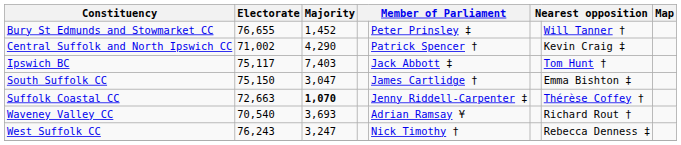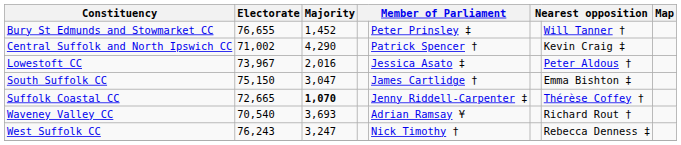 <table class="wikitable sortable">
 <tr>
 <th rowspan="1">Constituency</th>
 <th rowspan="1">Electorate</th>
 <th rowspan="1">Majority</th>
 <th class="unsortable" colspan="2"><a href='#'>Member of Parliament</a></th>
 <th class="unsortable" colspan="2">Nearest opposition<br></th>
 <th class="unsortable" rowspan="1">Map</th>
 </tr>
 <tr>
 <td><a href='#'>Bury St Edmunds and Stowmarket CC</a></td>
 <td>76,655</td>
 <td>1,452</td>
 <td style="color:inherit;background:"> </td>
 <td><a href='#'>Peter Prinsley</a> ‡</td>
 <td style="color:inherit;background:"> </td>
 <td><a href='#'>Will Tanner</a> †</td>
 <td></td>
 </tr>
 <tr>
 <td><a href='#'>Central Suffolk and North Ipswich CC</a></td>
 <td>71,002</td>
 <td>4,290</td>
 <td style="color:inherit;background:"> </td>
 <td><a href='#'>Patrick Spencer</a> †</td>
 <td style="color:inherit;background:"> </td>
 <td>Kevin Craig ‡</td>
 <td></td>
 </tr>
 <tr>
-<td><a href='#'>Ipswich BC</a></td>
-<td>75,117</td>
-<td>7,403</td>
+<td><a href='#'>Lowestoft CC</a></td>
+<td>73,967</td>
+<td>2,016</td>
 <td style="color:inherit;background:"> </td>
-<td><a href='#'>Jack Abbott</a> ‡</td>
+<td><a href='#'>Jessica Asato</a> ‡</td>
 <td style="color:inherit;background:"> </td>
-<td><a href='#'>Tom Hunt</a> †</td>
+<td><a href='#'>Peter Aldous</a> †</td>
 <td></td>
 </tr>
 <tr>
 <td><a href='#'>South Suffolk CC</a></td>
 <td>75,150</td>
 <td>3,047</td>
 <td style="color:inherit;background:"> </td>
 <td><a href='#'>James Cartlidge</a> †</td>
 <td style="color:inherit;background:"> </td>
 <td>Emma Bishton ‡</td>
 <td></td>
 </tr>
 <tr>
 <td><a href='#'>Suffolk Coastal CC</a></td>
-<td>72,663</td>
+<td>72,665</td>
 <td><strong>1,070</strong></td>
 <td style="color:inherit;background:"> </td>
 <td><a href='#'>Jenny Riddell-Carpenter</a> ‡</td>
 <td style="color:inherit;background:"> </td>
 <td><a href='#'>Thérèse Coffey</a> †</td>
 <td></td>
 </tr>
 <tr>
 <td><a href='#'>Waveney Valley CC</a></td>
 <td>70,540</td>
 <td>3,693</td>
 <td style="color:inherit;background:"> </td>
 <td><a href='#'>Adrian Ramsay</a> ¥</td>
 <td style="color:inherit;background:"> </td>
 <td>Richard Rout †</td>
 <td></td>
 </tr>
 <tr>
 <td><a href='#'>West Suffolk CC</a></td>
 <td>76,243</td>
 <td>3,247</td>
 <td style="color:inherit;background:"> </td>
 <td><a href='#'>Nick Timothy</a> †</td>
 <td style="color:inherit;background:"> </td>
 <td>Rebecca Denness ‡</td>
 <td></td>
 </tr>
 <tr>
 </tr>
 </table>
